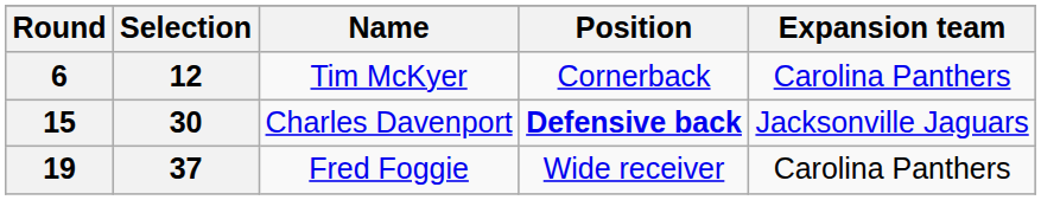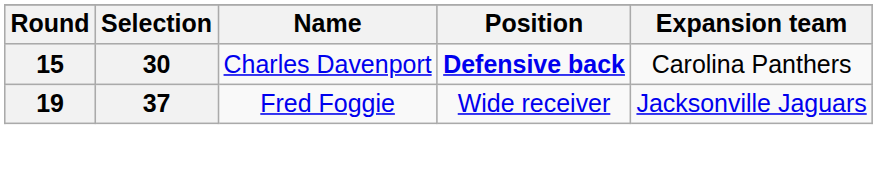 <table class="wikitable" style="text-align:center">
 <tr>
 </tr>
 <tr>
 <th>Round</th>
 <th>Selection</th>
 <th>Name</th>
 <th>Position</th>
 <th>Expansion team</th>
 </tr>
 <tr>
-<th>6</th>
-<th>12</th>
-<td><a href='#'>Tim McKyer</a></td>
-<td><a href='#'>Cornerback</a></td>
-<td><a href='#'>Carolina Panthers</a></td>
-</tr>
-<tr>
 <th>15</th>
 <th>30</th>
 <td><a href='#'>Charles Davenport</a></td>
 <td><strong><a href='#'>Defensive back</a></strong></td>
-<td><a href='#'>Jacksonville Jaguars</a></td>
+<td>Carolina Panthers</td>
 </tr>
 <tr>
 <th>19</th>
 <th>37</th>
 <td><a href='#'>Fred Foggie</a></td>
 <td><a href='#'>Wide receiver</a></td>
-<td>Carolina Panthers</td>
+<td><a href='#'>Jacksonville Jaguars</a></td>
 </tr>
 </table>
